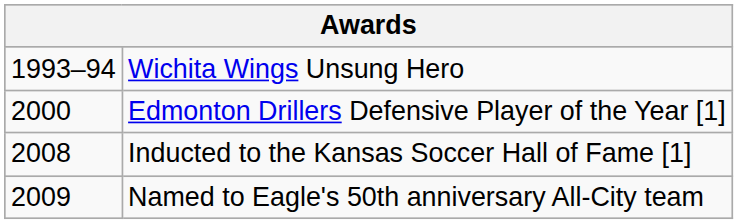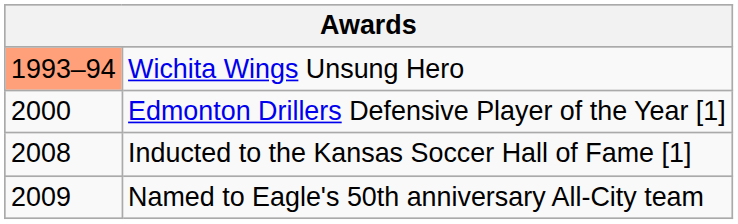 <table class="wikitable">
 <tr>
 <th colspan=2><strong>Awards</strong></th>
 </tr>
 <tr>
-<td>1993–94</td>
+<td style="background: lightsalmon;">1993–94</td>
 <td><a href='#'>Wichita Wings</a> Unsung Hero</td>
 </tr>
 <tr>
 <td>2000</td>
 <td><a href='#'>Edmonton Drillers</a> Defensive Player of the Year [1]</td>
 </tr>
 <tr>
 <td>2008</td>
 <td>Inducted to the Kansas Soccer Hall of Fame [1]</td>
 </tr>
 <tr>
 <td>2009</td>
 <td>Named to Eagle's 50th anniversary All-City team</td>
 </tr>
 </table>
